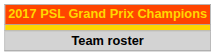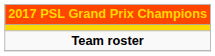 <table class=wikitable style="text-align:center; margin:auto;">
 <tr>
 <th style="background:#FF4500; color:#FFD700;">2017 PSL Grand Prix Champions</th>
 </tr>
 <tr bgcolor="gold">
 <td><strong> </strong></td>
 </tr>
 <tr>
-<td style="background: lightgrey;"><strong>Team roster</strong><br></td>
+<td><strong>Team roster</strong><br></td>
 </tr>
 <tr>
 </tr>
 </table>
